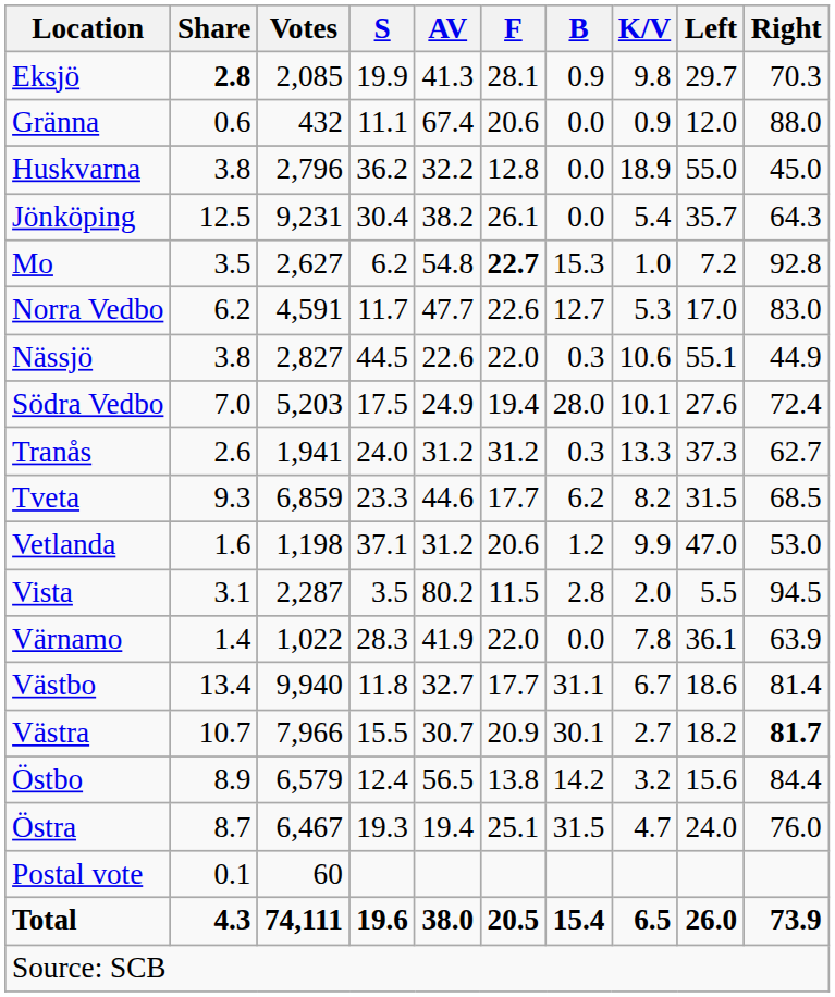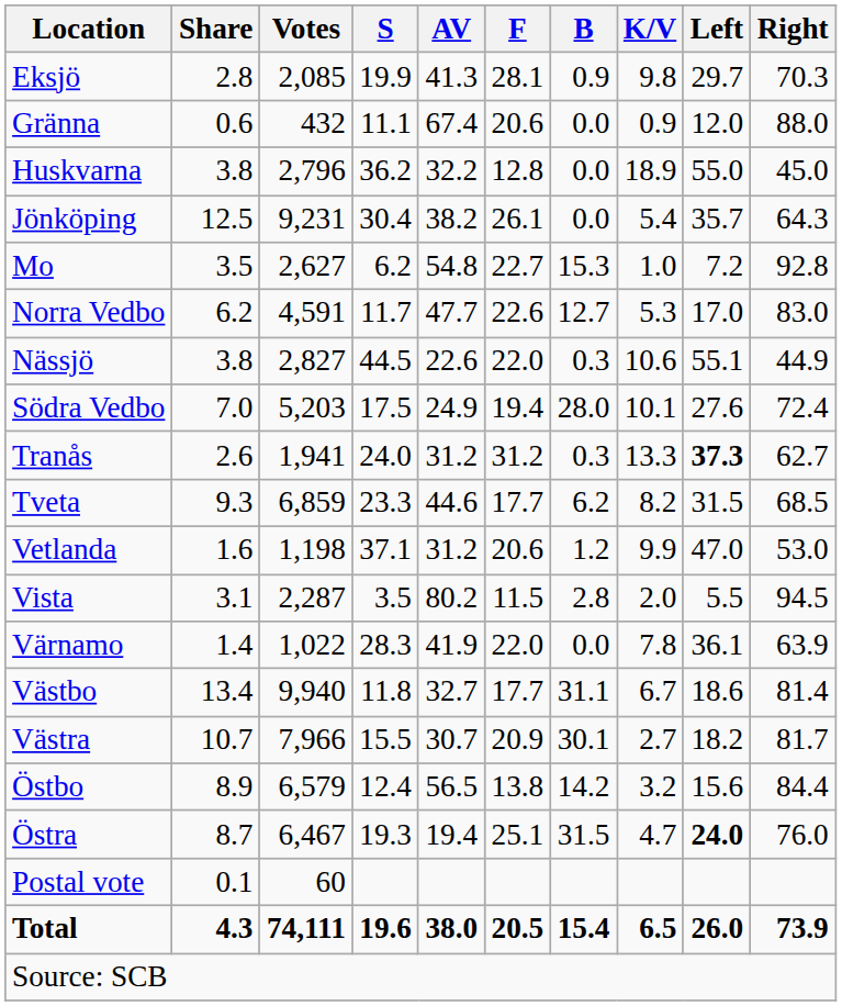 <table class="wikitable sortable" style=text-align:right>
 <tr>
 <th>Location</th>
 <th>Share</th>
 <th>Votes</th>
 <th><a href='#'>S</a></th>
 <th><a href='#'>AV</a></th>
 <th><a href='#'>F</a></th>
 <th><a href='#'>B</a></th>
 <th><a href='#'>K/V</a></th>
 <th>Left</th>
 <th>Right</th>
 </tr>
 <tr>
 <td align=left><a href='#'>Eksjö</a></td>
-<td><strong>2.8</strong></td>
+<td>2.8</td>
 <td>2,085</td>
 <td>19.9</td>
 <td>41.3</td>
 <td>28.1</td>
 <td>0.9</td>
 <td>9.8</td>
 <td>29.7</td>
 <td>70.3</td>
 </tr>
 <tr>
 <td align=left><a href='#'>Gränna</a></td>
 <td>0.6</td>
 <td>432</td>
 <td>11.1</td>
 <td>67.4</td>
 <td>20.6</td>
 <td>0.0</td>
 <td>0.9</td>
 <td>12.0</td>
 <td>88.0</td>
 </tr>
 <tr>
 <td align=left><a href='#'>Huskvarna</a></td>
 <td>3.8</td>
 <td>2,796</td>
 <td>36.2</td>
 <td>32.2</td>
 <td>12.8</td>
 <td>0.0</td>
 <td>18.9</td>
 <td>55.0</td>
 <td>45.0</td>
 </tr>
 <tr>
 <td align=left><a href='#'>Jönköping</a></td>
 <td>12.5</td>
 <td>9,231</td>
 <td>30.4</td>
 <td>38.2</td>
 <td>26.1</td>
 <td>0.0</td>
 <td>5.4</td>
 <td>35.7</td>
 <td>64.3</td>
 </tr>
 <tr>
 <td align=left><a href='#'>Mo</a></td>
 <td>3.5</td>
 <td>2,627</td>
 <td>6.2</td>
 <td>54.8</td>
-<td><strong>22.7</strong></td>
+<td>22.7</td>
 <td>15.3</td>
 <td>1.0</td>
 <td>7.2</td>
 <td>92.8</td>
 </tr>
 <tr>
 <td align=left><a href='#'>Norra Vedbo</a></td>
 <td>6.2</td>
 <td>4,591</td>
 <td>11.7</td>
 <td>47.7</td>
 <td>22.6</td>
 <td>12.7</td>
 <td>5.3</td>
 <td>17.0</td>
 <td>83.0</td>
 </tr>
 <tr>
 <td align=left><a href='#'>Nässjö</a></td>
 <td>3.8</td>
 <td>2,827</td>
 <td>44.5</td>
 <td>22.6</td>
 <td>22.0</td>
 <td>0.3</td>
 <td>10.6</td>
 <td>55.1</td>
 <td>44.9</td>
 </tr>
 <tr>
 <td align=left><a href='#'>Södra Vedbo</a></td>
 <td>7.0</td>
 <td>5,203</td>
 <td>17.5</td>
 <td>24.9</td>
 <td>19.4</td>
 <td>28.0</td>
 <td>10.1</td>
 <td>27.6</td>
 <td>72.4</td>
 </tr>
 <tr>
 <td align=left><a href='#'>Tranås</a></td>
 <td>2.6</td>
 <td>1,941</td>
 <td>24.0</td>
 <td>31.2</td>
 <td>31.2</td>
 <td>0.3</td>
 <td>13.3</td>
-<td>37.3</td>
+<td><strong>37.3</strong></td>
 <td>62.7</td>
 </tr>
 <tr>
 <td align=left><a href='#'>Tveta</a></td>
 <td>9.3</td>
 <td>6,859</td>
 <td>23.3</td>
 <td>44.6</td>
 <td>17.7</td>
 <td>6.2</td>
 <td>8.2</td>
 <td>31.5</td>
 <td>68.5</td>
 </tr>
 <tr>
 <td align=left><a href='#'>Vetlanda</a></td>
 <td>1.6</td>
 <td>1,198</td>
 <td>37.1</td>
 <td>31.2</td>
 <td>20.6</td>
 <td>1.2</td>
 <td>9.9</td>
 <td>47.0</td>
 <td>53.0</td>
 </tr>
 <tr>
 <td align=left><a href='#'>Vista</a></td>
 <td>3.1</td>
 <td>2,287</td>
 <td>3.5</td>
 <td>80.2</td>
 <td>11.5</td>
 <td>2.8</td>
 <td>2.0</td>
 <td>5.5</td>
 <td>94.5</td>
 </tr>
 <tr>
 <td align=left><a href='#'>Värnamo</a></td>
 <td>1.4</td>
 <td>1,022</td>
 <td>28.3</td>
 <td>41.9</td>
 <td>22.0</td>
 <td>0.0</td>
 <td>7.8</td>
 <td>36.1</td>
 <td>63.9</td>
 </tr>
 <tr>
 <td align=left><a href='#'>Västbo</a></td>
 <td>13.4</td>
 <td>9,940</td>
 <td>11.8</td>
 <td>32.7</td>
 <td>17.7</td>
 <td>31.1</td>
 <td>6.7</td>
 <td>18.6</td>
 <td>81.4</td>
 </tr>
 <tr>
 <td align=left><a href='#'>Västra</a></td>
 <td>10.7</td>
 <td>7,966</td>
 <td>15.5</td>
 <td>30.7</td>
 <td>20.9</td>
 <td>30.1</td>
 <td>2.7</td>
 <td>18.2</td>
-<td><strong>81.7</strong></td>
+<td>81.7</td>
 </tr>
 <tr>
 <td align=left><a href='#'>Östbo</a></td>
 <td>8.9</td>
 <td>6,579</td>
 <td>12.4</td>
 <td>56.5</td>
 <td>13.8</td>
 <td>14.2</td>
 <td>3.2</td>
 <td>15.6</td>
 <td>84.4</td>
 </tr>
 <tr>
 <td align=left><a href='#'>Östra</a></td>
 <td>8.7</td>
 <td>6,467</td>
 <td>19.3</td>
 <td>19.4</td>
 <td>25.1</td>
 <td>31.5</td>
 <td>4.7</td>
-<td>24.0</td>
+<td><strong>24.0</strong></td>
 <td>76.0</td>
 </tr>
 <tr>
 <td align=left><a href='#'>Postal vote</a></td>
 <td>0.1</td>
 <td>60</td>
 <td></td>
 <td></td>
 <td></td>
 <td></td>
 <td></td>
 <td></td>
 <td></td>
 </tr>
 <tr>
 <td align=left><strong>Total</strong></td>
 <td><strong>4.3</strong></td>
 <td><strong>74,111</strong></td>
 <td><strong>19.6</strong></td>
 <td><strong>38.0</strong></td>
 <td><strong>20.5</strong></td>
 <td><strong>15.4</strong></td>
 <td><strong>6.5</strong></td>
 <td><strong>26.0</strong></td>
 <td><strong>73.9</strong></td>
 </tr>
 <tr>
 <td align=left colspan=10>Source: SCB </td>
 </tr>
 </table>
